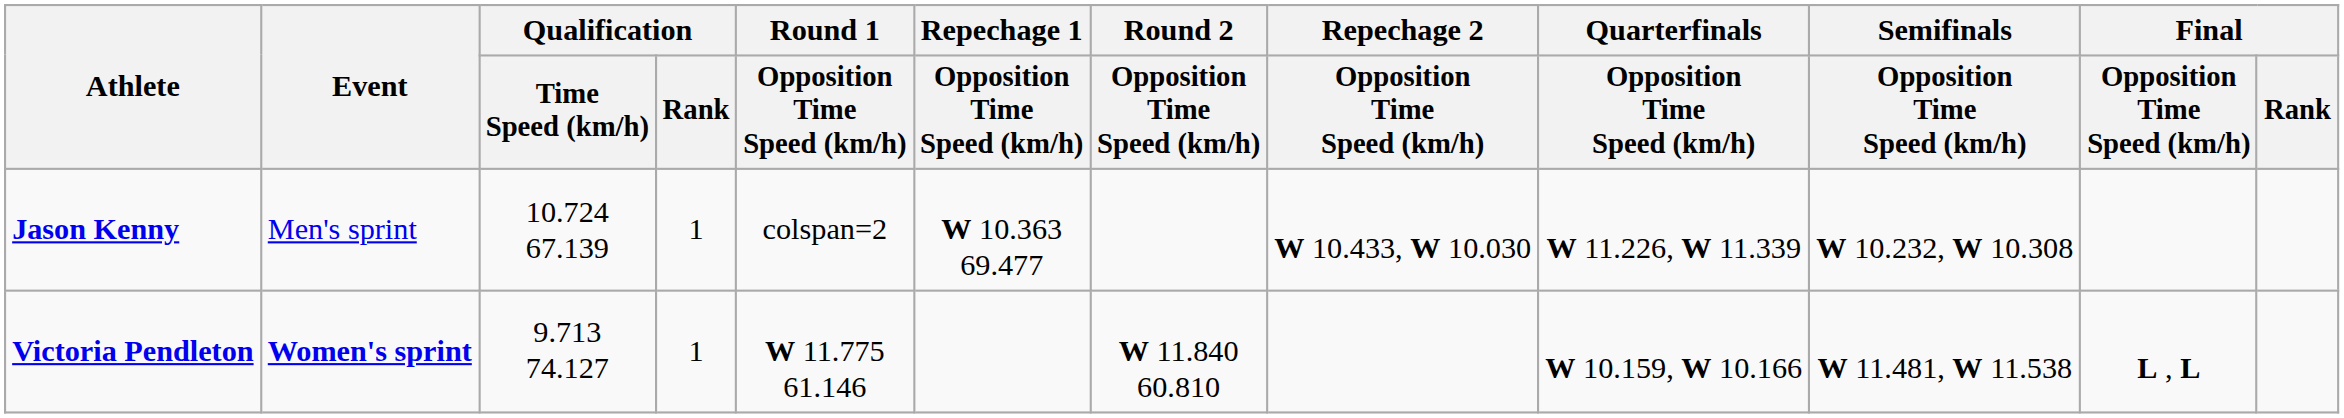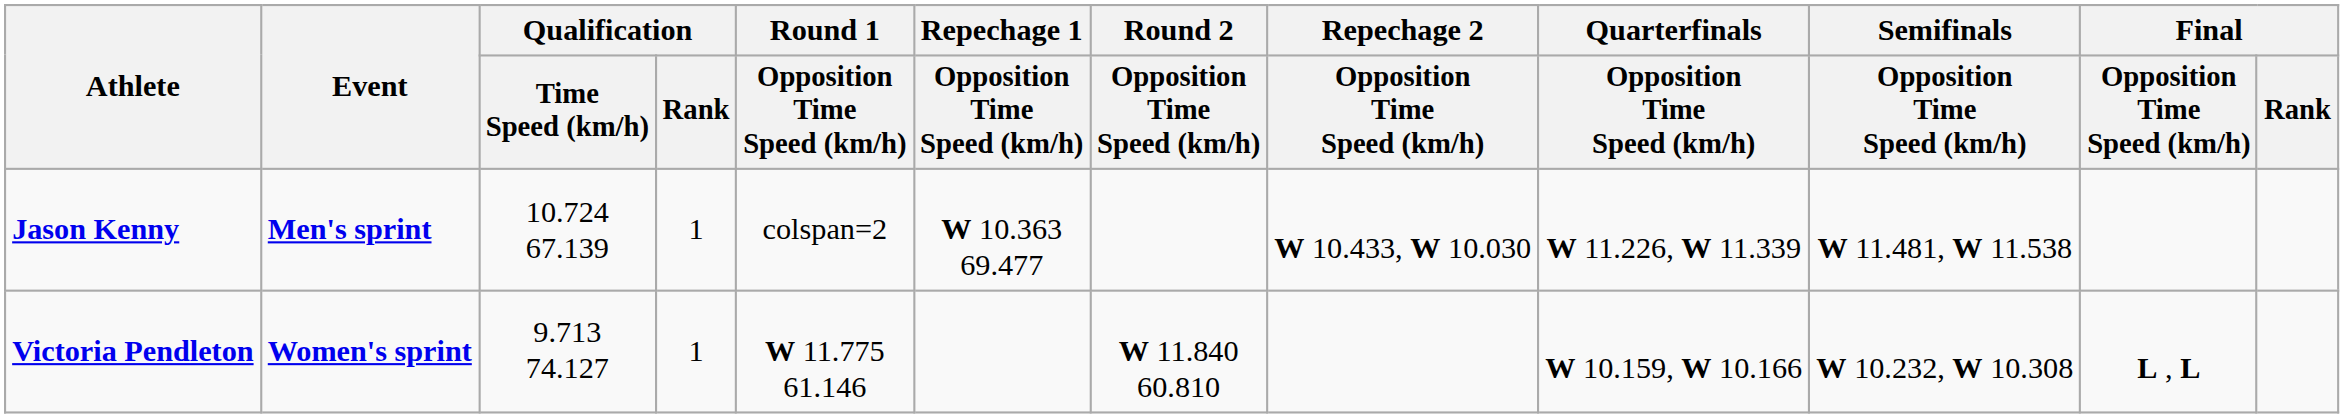 <table class="wikitable" style="font-size:90%;">
 <tr>
 <th rowspan=2>Athlete</th>
 <th rowspan=2>Event</th>
 <th colspan="2">Qualification</th>
 <th>Round 1</th>
 <th>Repechage 1</th>
 <th>Round 2</th>
 <th>Repechage 2</th>
 <th>Quarterfinals</th>
 <th>Semifinals</th>
 <th colspan=2>Final</th>
 </tr>
 <tr style="font-size:95%">
 <th>Time<br>Speed (km/h)</th>
 <th>Rank</th>
 <th>Opposition<br>Time<br>Speed (km/h)</th>
 <th>Opposition<br>Time<br>Speed (km/h)</th>
 <th>Opposition<br>Time<br>Speed (km/h)</th>
 <th>Opposition<br>Time<br>Speed (km/h)</th>
 <th>Opposition<br>Time<br>Speed (km/h)</th>
 <th>Opposition<br>Time<br>Speed (km/h)</th>
 <th>Opposition<br>Time<br>Speed (km/h)</th>
 <th>Rank</th>
 </tr>
 <tr align=center>
 <td align=left><strong><a href='#'>Jason Kenny</a></strong></td>
-<td align=left><a href='#'>Men's sprint</a></td>
+<td align=left><strong><a href='#'>Men's sprint</a></strong></td>
 <td>10.724 <br> 67.139</td>
 <td>1</td>
 <td>colspan=2 </td>
 <td><br><strong>W</strong> 10.363<br>69.477</td>
 <td></td>
 <td><br><strong>W</strong> 10.433, <strong>W</strong> 10.030</td>
 <td><br><strong>W</strong> 11.226, <strong>W</strong> 11.339</td>
-<td><br><strong>W</strong> 10.232, <strong>W</strong> 10.308</td>
+<td><br><strong>W</strong> 11.481, <strong>W</strong> 11.538</td>
 <td></td>
 </tr>
 <tr align=center>
 <td align=left><strong><a href='#'>Victoria Pendleton</a></strong></td>
 <td align=left><strong><a href='#'>Women's sprint</a></strong></td>
 <td>9.713 <br>74.127</td>
 <td>1</td>
 <td><br><strong>W</strong> 11.775<br>61.146</td>
 <td></td>
 <td><br><strong>W</strong> 11.840 <br> 60.810</td>
 <td></td>
 <td><br><strong>W</strong> 10.159, <strong>W</strong> 10.166</td>
-<td><br><strong>W</strong> 11.481, <strong>W</strong> 11.538</td>
+<td><br><strong>W</strong> 10.232, <strong>W</strong> 10.308</td>
 <td><br><strong>L</strong> , <strong>L</strong></td>
 <td></td>
 </tr>
 </table>
